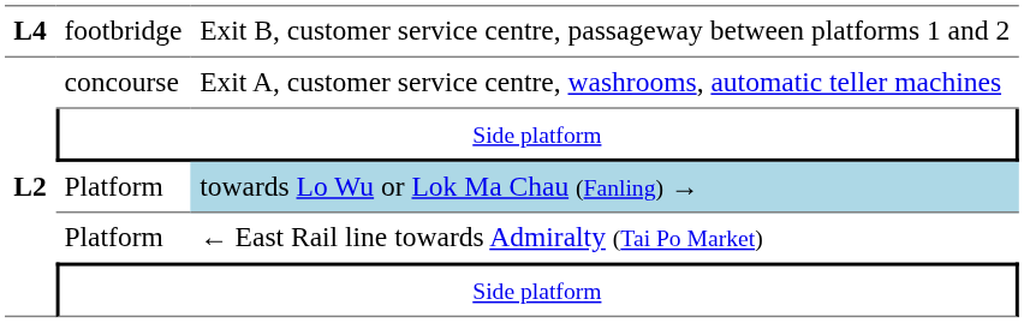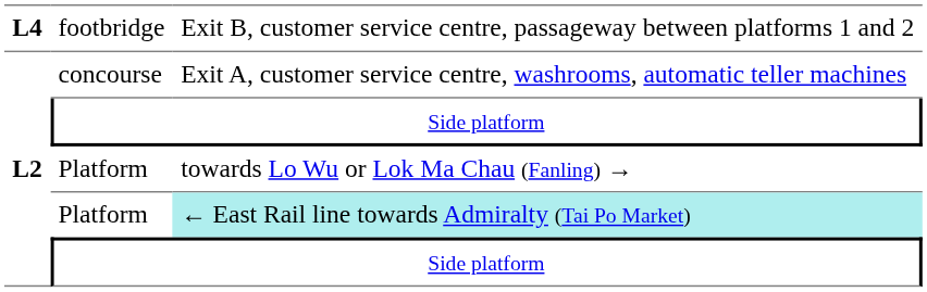 <table border=0 cellspacing=0 cellpadding=5px>
 <tr>
 <td style="border-top:solid 1px gray;border-bottom:solid 1px gray;"><strong>L4</strong></td>
 <td style="border-top:solid 1px gray;border-bottom:solid 1px gray;">footbridge</td>
 <td style="border-top:solid 1px gray;border-bottom:solid 1px gray;">Exit B, customer service centre, passageway between platforms 1 and 2</td>
 </tr>
 <tr>
 <td style="border-bottom:solid 1px gray;" rowspan=9><strong>L2</strong></td>
 </tr>
 <tr>
 <td style="border-bottom:solid 1px gray;">concourse</td>
 <td style="border-bottom:solid 1px gray;">Exit A, customer service centre, <a href='#'>washrooms</a>, <a href='#'>automatic teller machines</a></td>
 </tr>
 <tr>
 <td style="border-right:solid 2px black;border-left:solid 2px black;border-bottom:solid 2px black;text-align:center;" colspan=2><small><a href='#'>Side platform</a></small></td>
 </tr>
 <tr>
 <td style="border-bottom:solid 1px gray;">Platform </td>
-<td style="background: lightblue; border-bottom:solid 1px gray;">  towards <a href='#'>Lo Wu</a> or <a href='#'>Lok Ma Chau</a> <small>(<a href='#'>Fanling</a>)</small> →</td>
+<td style="border-bottom:solid 1px gray;">  towards <a href='#'>Lo Wu</a> or <a href='#'>Lok Ma Chau</a> <small>(<a href='#'>Fanling</a>)</small> →</td>
 </tr>
 <tr>
 <td>Platform </td>
-<td>←  East Rail line towards <a href='#'>Admiralty</a> <small>(<a href='#'>Tai Po Market</a>)</small></td>
+<td style="background: paleturquoise;">←  East Rail line towards <a href='#'>Admiralty</a> <small>(<a href='#'>Tai Po Market</a>)</small></td>
 </tr>
 <tr>
 <td style="border-top:solid 2px black;border-right:solid 2px black;border-left:solid 2px black;border-bottom:solid 1px gray;text-align:center;" colspan=2><small><a href='#'>Side platform</a></small></td>
 </tr>
 </table>
